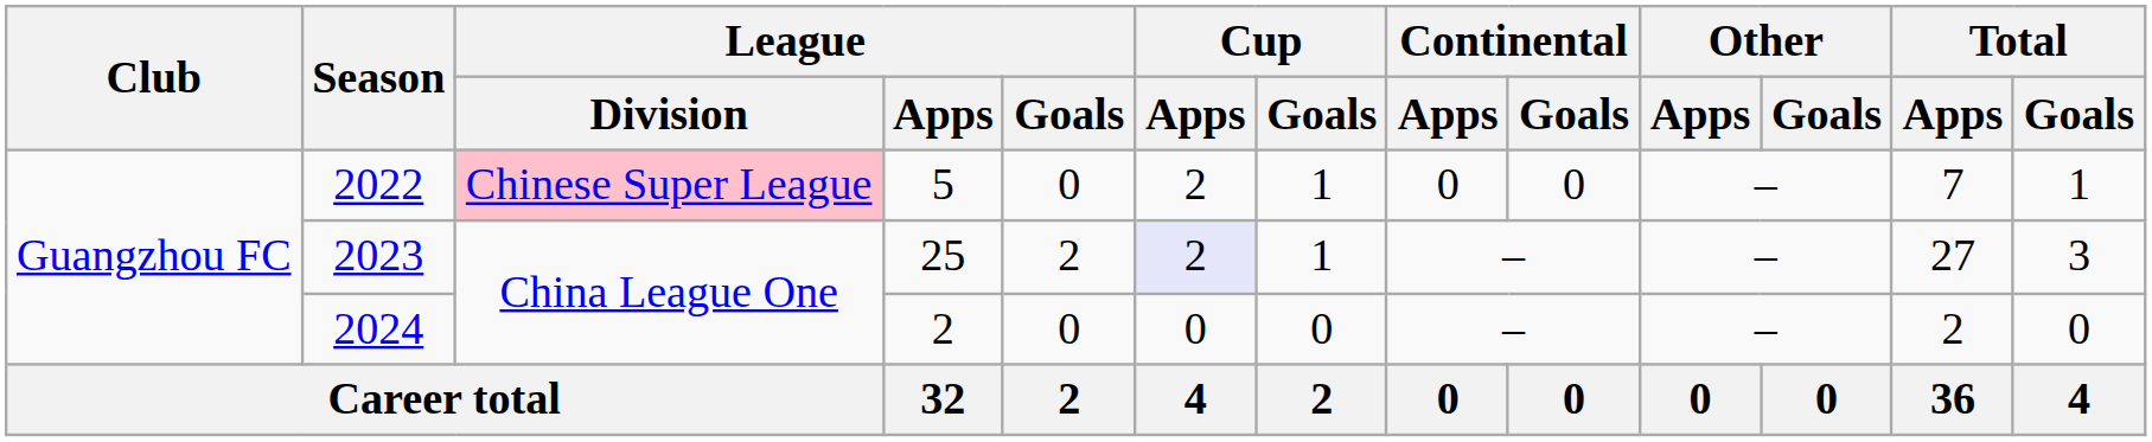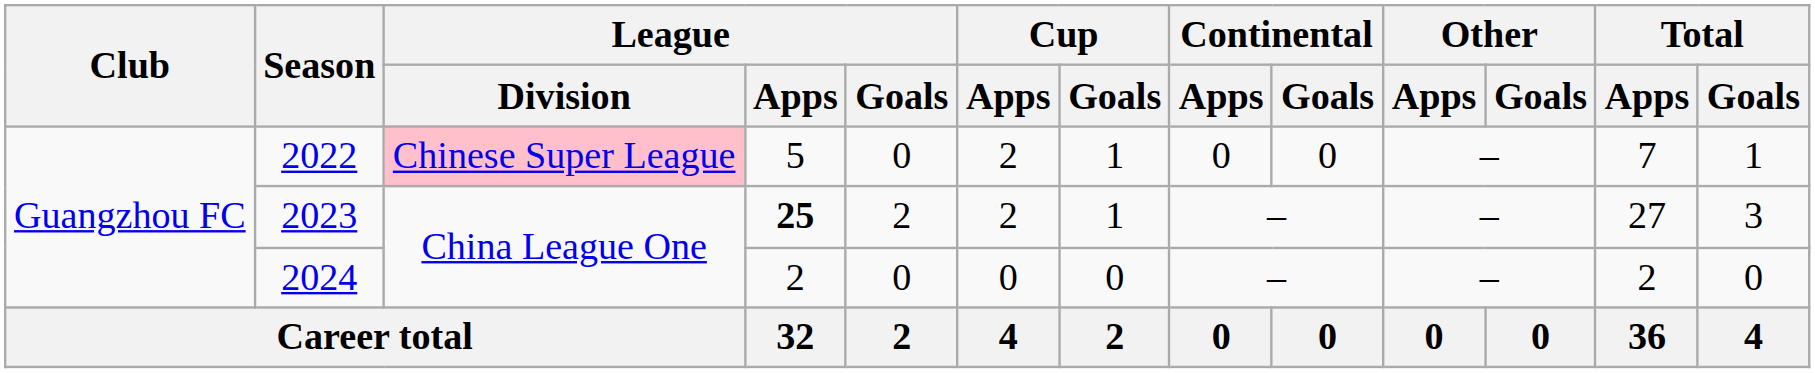 <table class="wikitable" style="text-align: center;">
 <tr>
 <th rowspan=2>Club</th>
 <th rowspan=2>Season</th>
 <th colspan=3>League</th>
 <th colspan=2>Cup</th>
 <th colspan=2>Continental</th>
 <th colspan=2>Other</th>
 <th colspan=2>Total</th>
 </tr>
 <tr>
 <th>Division</th>
 <th>Apps</th>
 <th>Goals</th>
 <th>Apps</th>
 <th>Goals</th>
 <th>Apps</th>
 <th>Goals</th>
 <th>Apps</th>
 <th>Goals</th>
 <th>Apps</th>
 <th>Goals</th>
 </tr>
 <tr>
 <td rowspan=3><a href='#'>Guangzhou FC</a></td>
 <td><a href='#'>2022</a></td>
 <td style="background: pink;"><a href='#'>Chinese Super League</a></td>
 <td>5</td>
 <td>0</td>
 <td>2</td>
 <td>1</td>
 <td>0</td>
 <td>0</td>
 <td colspan="2">–</td>
 <td>7</td>
 <td>1</td>
 </tr>
 <tr>
 <td><a href='#'>2023</a></td>
 <td rowspan=2><a href='#'>China League One</a></td>
-<td>25</td>
+<td><strong>25</strong></td>
 <td>2</td>
-<td style="background: lavender;">2</td>
+<td>2</td>
 <td>1</td>
 <td colspan="2">–</td>
 <td colspan="2">–</td>
 <td>27</td>
 <td>3</td>
 </tr>
 <tr>
 <td><a href='#'>2024</a></td>
 <td>2</td>
 <td>0</td>
 <td>0</td>
 <td>0</td>
 <td colspan="2">–</td>
 <td colspan="2">–</td>
 <td>2</td>
 <td>0</td>
 </tr>
 <tr>
 <th colspan=3>Career total</th>
 <th>32</th>
 <th>2</th>
 <th>4</th>
 <th>2</th>
 <th>0</th>
 <th>0</th>
 <th>0</th>
 <th>0</th>
 <th>36</th>
 <th>4</th>
 </tr>
 </table>
